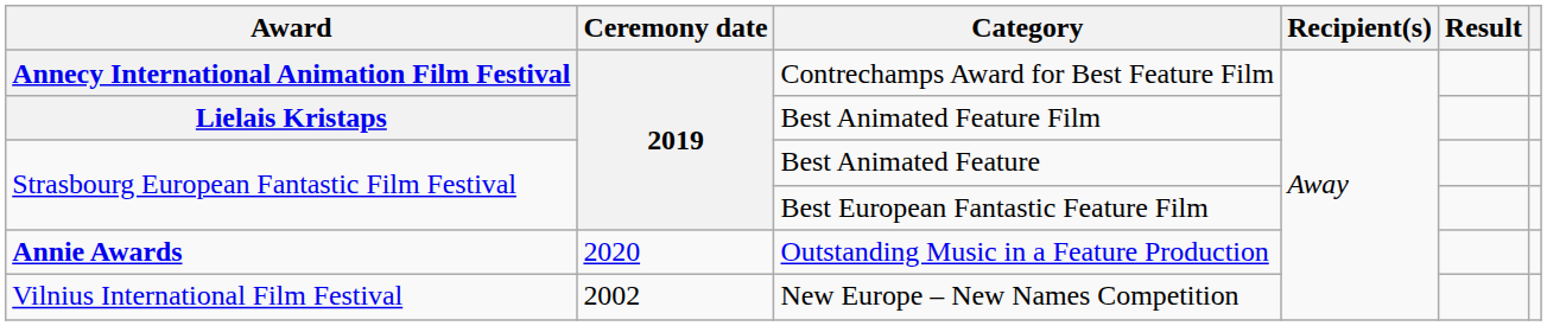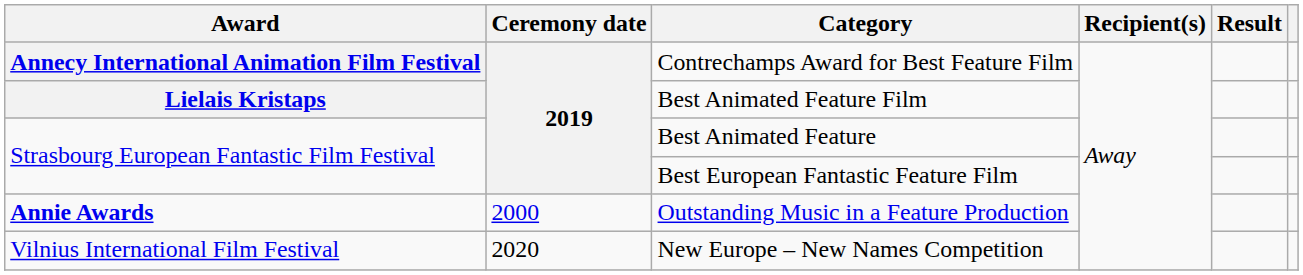 <table class="wikitable sortable plainrowheaders">
 <tr>
 <th scope="col">Award</th>
 <th scope="col">Ceremony date</th>
 <th scope="col">Category</th>
 <th scope="col">Recipient(s)</th>
 <th scope="col">Result</th>
 <th scope="col" class="unsortable"></th>
 </tr>
 <tr>
 <th scope="row"><a href='#'>Annecy International Animation Film Festival</a></th>
 <th scope="row" rowspan="4">2019</th>
 <td>Contrechamps Award for Best Feature Film</td>
 <td rowspan="6"><em>Away</em></td>
 <td></td>
 <td align="center"></td>
 </tr>
 <tr>
 <th scope="row"><a href='#'>Lielais Kristaps</a></th>
 <td>Best Animated Feature Film</td>
 <td></td>
 <td align="center"></td>
 </tr>
 <tr>
 <td rowspan="2"><a href='#'>Strasbourg European Fantastic Film Festival</a></td>
 <td>Best Animated Feature</td>
 <td></td>
 <td align="center"></td>
 </tr>
 <tr>
 <td>Best European Fantastic Feature Film</td>
 <td></td>
 <td align="center"></td>
 </tr>
 <tr>
 <td><strong><a href='#'>Annie Awards</a></strong></td>
-<td><a href='#'>2020</a></td>
+<td><a href='#'>2000</a></td>
 <td><a href='#'>Outstanding Music in a Feature Production</a></td>
 <td></td>
 <td align="center"></td>
 </tr>
 <tr>
 <td><a href='#'>Vilnius International Film Festival</a></td>
-<td>2002</td>
+<td>2020</td>
 <td>New Europe – New Names Competition</td>
 <td></td>
 <td></td>
 </tr>
 </table>
